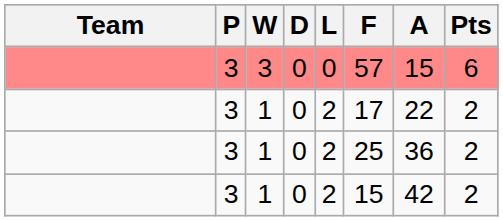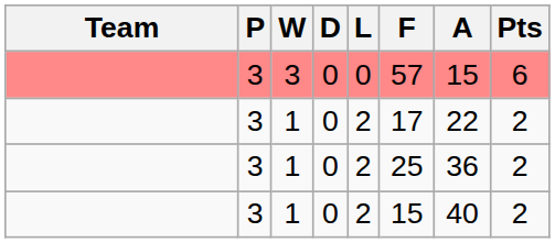 <table class="wikitable" style="text-align:center;">
 <tr>
 <th width="120px">Team</th>
 <th>P</th>
 <th>W</th>
 <th>D</th>
 <th>L</th>
 <th width="23px">F</th>
 <th width="23px">A</th>
 <th width="23px">Pts</th>
 </tr>
 <tr bgcolor="#FF8888">
 <td></td>
 <td>3</td>
 <td>3</td>
 <td>0</td>
 <td>0</td>
 <td>57</td>
 <td>15</td>
 <td>6</td>
 </tr>
 <tr>
 <td></td>
 <td>3</td>
 <td>1</td>
 <td>0</td>
 <td>2</td>
 <td>17</td>
 <td>22</td>
 <td>2</td>
 </tr>
 <tr>
 <td></td>
 <td>3</td>
 <td>1</td>
 <td>0</td>
 <td>2</td>
 <td>25</td>
 <td>36</td>
 <td>2</td>
 </tr>
 <tr>
 <td></td>
 <td>3</td>
 <td>1</td>
 <td>0</td>
 <td>2</td>
 <td>15</td>
-<td>42</td>
+<td>40</td>
 <td>2</td>
 </tr>
 </table>
